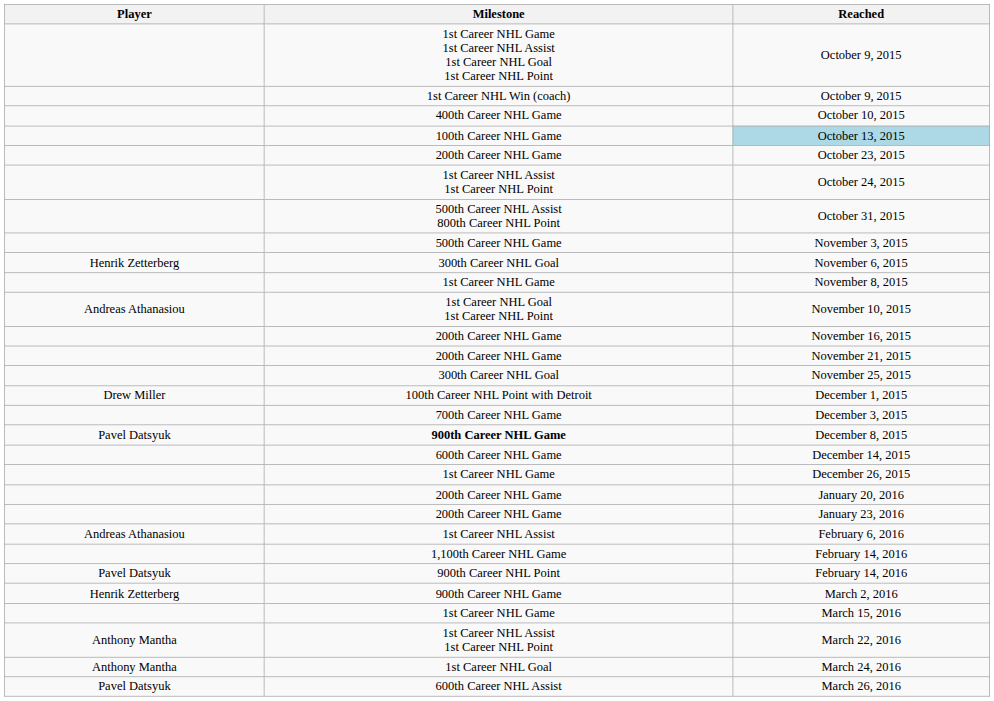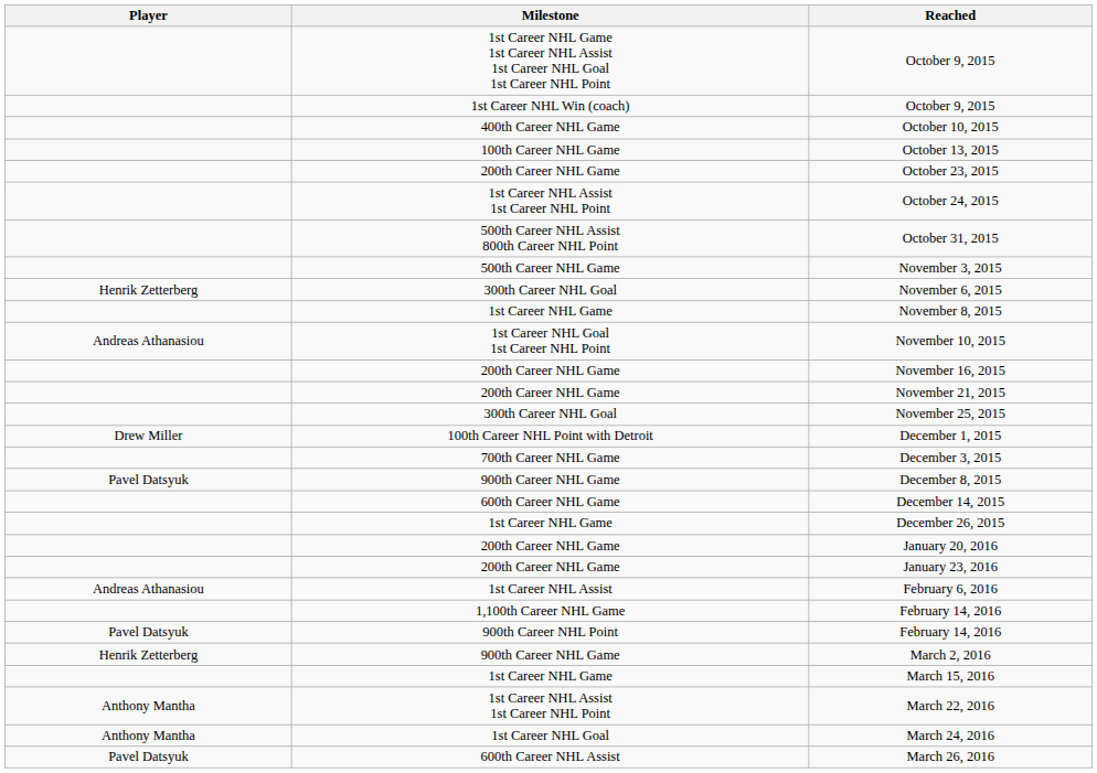 <table class="wikitable sortable" style="width:100%;">
 <tr align=center>
 <th>Player</th>
 <th>Milestone</th>
 <th data-sort-type="date">Reached</th>
 </tr>
 <tr align=center>
 <td></td>
 <td>1st Career NHL Game<br>1st Career NHL Assist<br>1st Career NHL Goal<br>1st Career NHL Point</td>
 <td>October 9, 2015</td>
 </tr>
 <tr align=center>
 <td></td>
 <td>1st Career NHL Win (coach)</td>
 <td>October 9, 2015</td>
 </tr>
 <tr align=center>
 <td></td>
 <td>400th Career NHL Game</td>
 <td>October 10, 2015</td>
 </tr>
 <tr align=center>
 <td></td>
 <td>100th Career NHL Game</td>
-<td style="background: lightblue;">October 13, 2015</td>
+<td>October 13, 2015</td>
 </tr>
 <tr align=center>
 <td></td>
 <td>200th Career NHL Game</td>
 <td>October 23, 2015</td>
 </tr>
 <tr align=center>
 <td></td>
 <td>1st Career NHL Assist<br>1st Career NHL Point</td>
 <td>October 24, 2015</td>
 </tr>
 <tr align=center>
 <td></td>
 <td>500th Career NHL Assist<br>800th Career NHL Point</td>
 <td>October 31, 2015</td>
 </tr>
 <tr align=center>
 <td></td>
 <td>500th Career NHL Game</td>
 <td>November 3, 2015</td>
 </tr>
 <tr align=center>
 <td>Henrik Zetterberg</td>
 <td>300th Career NHL Goal</td>
 <td>November 6, 2015</td>
 </tr>
 <tr align=center>
 <td></td>
 <td>1st Career NHL Game</td>
 <td>November 8, 2015</td>
 </tr>
 <tr align=center>
 <td>Andreas Athanasiou</td>
 <td>1st Career NHL Goal<br>1st Career NHL Point</td>
 <td>November 10, 2015</td>
 </tr>
 <tr align=center>
 <td></td>
 <td>200th Career NHL Game</td>
 <td>November 16, 2015</td>
 </tr>
 <tr align=center>
 <td></td>
 <td>200th Career NHL Game</td>
 <td>November 21, 2015</td>
 </tr>
 <tr align=center>
 <td></td>
 <td>300th Career NHL Goal</td>
 <td>November 25, 2015</td>
 </tr>
 <tr align=center>
 <td>Drew Miller</td>
 <td>100th Career NHL Point with Detroit</td>
 <td>December 1, 2015</td>
 </tr>
 <tr align=center>
 <td></td>
 <td>700th Career NHL Game</td>
 <td>December 3, 2015</td>
 </tr>
 <tr align=center>
 <td>Pavel Datsyuk</td>
-<td><strong>900th Career NHL Game</strong></td>
+<td>900th Career NHL Game</td>
 <td>December 8, 2015</td>
 </tr>
 <tr align=center>
 <td></td>
 <td>600th Career NHL Game</td>
 <td>December 14, 2015</td>
 </tr>
 <tr align=center>
 <td></td>
 <td>1st Career NHL Game</td>
 <td>December 26, 2015</td>
 </tr>
 <tr align=center>
 <td></td>
 <td>200th Career NHL Game</td>
 <td>January 20, 2016</td>
 </tr>
 <tr align=center>
 <td></td>
 <td>200th Career NHL Game</td>
 <td>January 23, 2016</td>
 </tr>
 <tr align=center>
 <td>Andreas Athanasiou</td>
 <td>1st Career NHL Assist</td>
 <td>February 6, 2016</td>
 </tr>
 <tr align=center>
 <td></td>
 <td>1,100th Career NHL Game</td>
 <td>February 14, 2016</td>
 </tr>
 <tr align=center>
 <td>Pavel Datsyuk</td>
 <td>900th Career NHL Point</td>
 <td>February 14, 2016</td>
 </tr>
 <tr align=center>
 <td>Henrik Zetterberg</td>
 <td>900th Career NHL Game</td>
 <td>March 2, 2016</td>
 </tr>
 <tr align=center>
 <td></td>
 <td>1st Career NHL Game</td>
 <td>March 15, 2016</td>
 </tr>
 <tr align=center>
 <td>Anthony Mantha</td>
 <td>1st Career NHL Assist<br>1st Career NHL Point</td>
 <td>March 22, 2016</td>
 </tr>
 <tr align=center>
 <td>Anthony Mantha</td>
 <td>1st Career NHL Goal</td>
 <td>March 24, 2016</td>
 </tr>
 <tr align=center>
 <td>Pavel Datsyuk</td>
 <td>600th Career NHL Assist</td>
 <td>March 26, 2016</td>
 </tr>
 </table>
